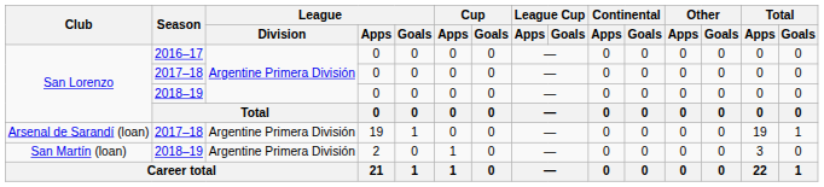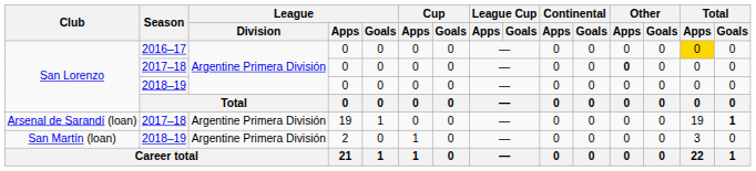 <table class="wikitable" style="text-align:center">
 <tr>
 <th rowspan="2">Club</th>
 <th rowspan="2">Season</th>
 <th colspan="3">League</th>
 <th colspan="2">Cup</th>
 <th colspan="2">League Cup</th>
 <th colspan="2">Continental</th>
 <th colspan="2">Other</th>
 <th colspan="2">Total</th>
 </tr>
 <tr>
 <th>Division</th>
 <th>Apps</th>
 <th>Goals</th>
 <th>Apps</th>
 <th>Goals</th>
 <th>Apps</th>
 <th>Goals</th>
 <th>Apps</th>
 <th>Goals</th>
 <th>Apps</th>
 <th>Goals</th>
 <th>Apps</th>
 <th>Goals</th>
 </tr>
 <tr>
 <td rowspan="4"><a href='#'>San Lorenzo</a></td>
 <td><a href='#'>2016–17</a></td>
 <td rowspan="3"><a href='#'>Argentine Primera División</a></td>
 <td>0</td>
 <td>0</td>
 <td>0</td>
 <td>0</td>
 <td colspan="2">—</td>
 <td>0</td>
 <td>0</td>
 <td>0</td>
 <td>0</td>
-<td>0</td>
+<td style="background: gold;">0</td>
 <td>0</td>
 </tr>
 <tr>
 <td><a href='#'>2017–18</a></td>
 <td>0</td>
 <td>0</td>
 <td>0</td>
 <td>0</td>
 <td colspan="2">—</td>
 <td>0</td>
 <td>0</td>
-<td>0</td>
+<td><strong>0</strong></td>
 <td>0</td>
 <td>0</td>
 <td>0</td>
 </tr>
 <tr>
 <td><a href='#'>2018–19</a></td>
 <td>0</td>
 <td>0</td>
 <td>0</td>
 <td>0</td>
 <td colspan="2">—</td>
 <td>0</td>
 <td>0</td>
 <td>0</td>
 <td>0</td>
 <td>0</td>
 <td>0</td>
 </tr>
 <tr>
 <th colspan="2">Total</th>
 <th>0</th>
 <th>0</th>
 <th>0</th>
 <th>0</th>
 <th colspan="2">—</th>
 <th>0</th>
 <th>0</th>
 <th>0</th>
 <th>0</th>
 <th>0</th>
 <th>0</th>
 </tr>
 <tr>
 <td><a href='#'>Arsenal de Sarandí</a> (loan)</td>
 <td><a href='#'>2017–18</a></td>
 <td>Argentine Primera División</td>
 <td>19</td>
 <td>1</td>
 <td>0</td>
 <td>0</td>
 <td colspan="2">—</td>
 <td>0</td>
 <td>0</td>
 <td>0</td>
 <td>0</td>
 <td>19</td>
-<td>1</td>
+<td><strong>1</strong></td>
 </tr>
 <tr>
 <td><a href='#'>San Martín</a> (loan)</td>
 <td><a href='#'>2018–19</a></td>
 <td>Argentine Primera División</td>
 <td>2</td>
 <td>0</td>
 <td>1</td>
 <td>0</td>
 <td colspan="2">—</td>
 <td>0</td>
 <td>0</td>
 <td>0</td>
 <td>0</td>
 <td>3</td>
 <td>0</td>
 </tr>
 <tr>
 <th colspan="3">Career total</th>
 <th>21</th>
 <th>1</th>
 <th>1</th>
 <th>0</th>
 <th colspan="2">—</th>
 <th>0</th>
 <th>0</th>
 <th>0</th>
 <th>0</th>
 <th>22</th>
 <th>1</th>
 </tr>
 </table>
